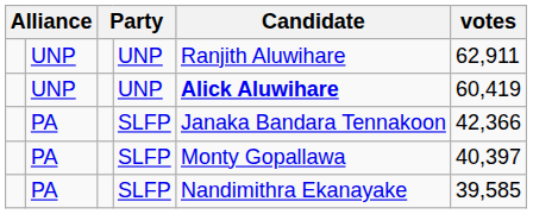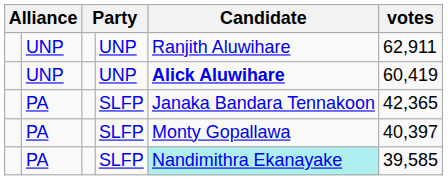 <table class="wikitable sortable mw-collapsible">
 <tr>
 <th colspan="2">Alliance</th>
 <th colspan="2">Party</th>
 <th>Candidate</th>
 <th>votes</th>
 </tr>
 <tr>
 <td bgcolor=> </td>
 <td align=left><a href='#'>UNP</a></td>
 <td bgcolor=> </td>
 <td align=left><a href='#'>UNP</a></td>
 <td><a href='#'>Ranjith Aluwihare</a></td>
 <td>62,911</td>
 </tr>
 <tr>
 <td bgcolor=> </td>
 <td align=left><a href='#'>UNP</a></td>
 <td bgcolor=> </td>
 <td align=left><a href='#'>UNP</a></td>
 <td><strong><a href='#'>Alick Aluwihare</a></strong></td>
 <td>60,419</td>
 </tr>
 <tr>
 <td bgcolor=> </td>
 <td align=left><a href='#'>PA</a></td>
 <td bgcolor=> </td>
 <td align=left><a href='#'>SLFP</a></td>
 <td><a href='#'>Janaka Bandara Tennakoon</a></td>
-<td>42,366</td>
+<td>42,365</td>
 </tr>
 <tr>
 <td bgcolor=> </td>
 <td align=left><a href='#'>PA</a></td>
 <td bgcolor=> </td>
 <td align=left><a href='#'>SLFP</a></td>
 <td><a href='#'>Monty Gopallawa</a></td>
 <td>40,397</td>
 </tr>
 <tr>
 <td bgcolor=> </td>
 <td align=left><a href='#'>PA</a></td>
 <td bgcolor=> </td>
 <td align=left><a href='#'>SLFP</a></td>
-<td><a href='#'>Nandimithra Ekanayake</a></td>
+<td style="background: paleturquoise;"><a href='#'>Nandimithra Ekanayake</a></td>
 <td>39,585</td>
 </tr>
 </table>
